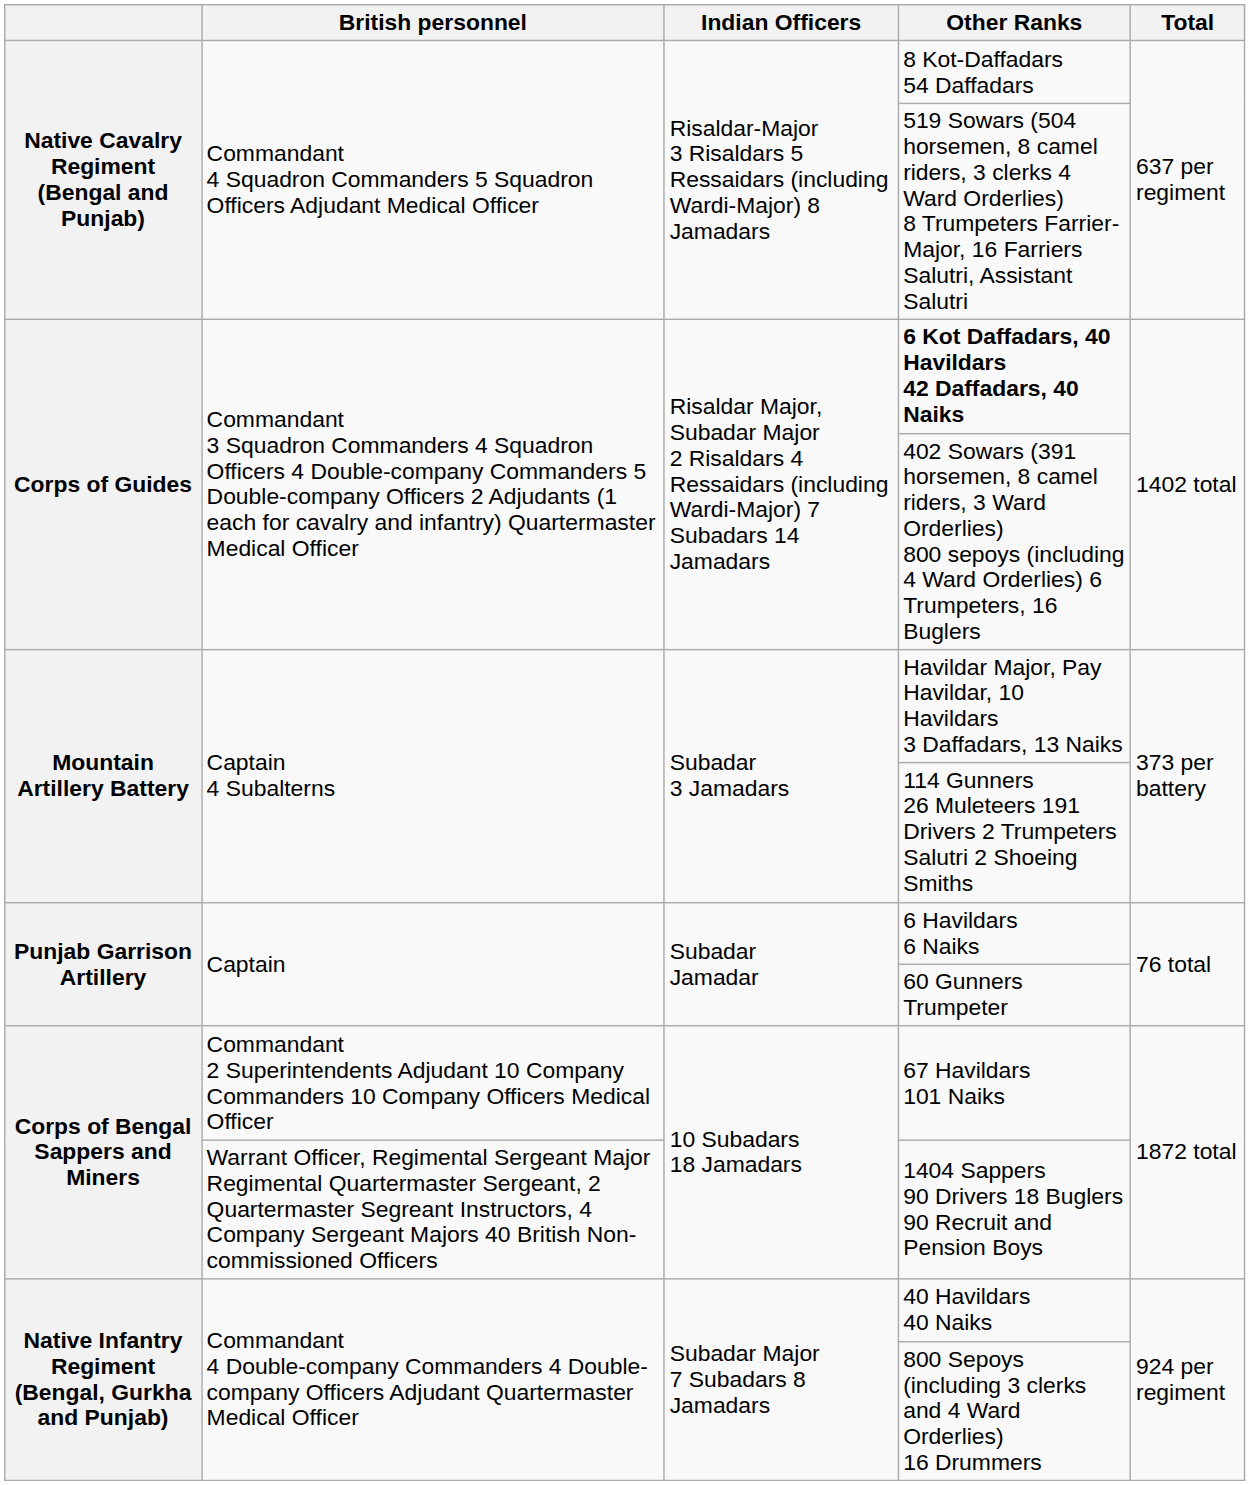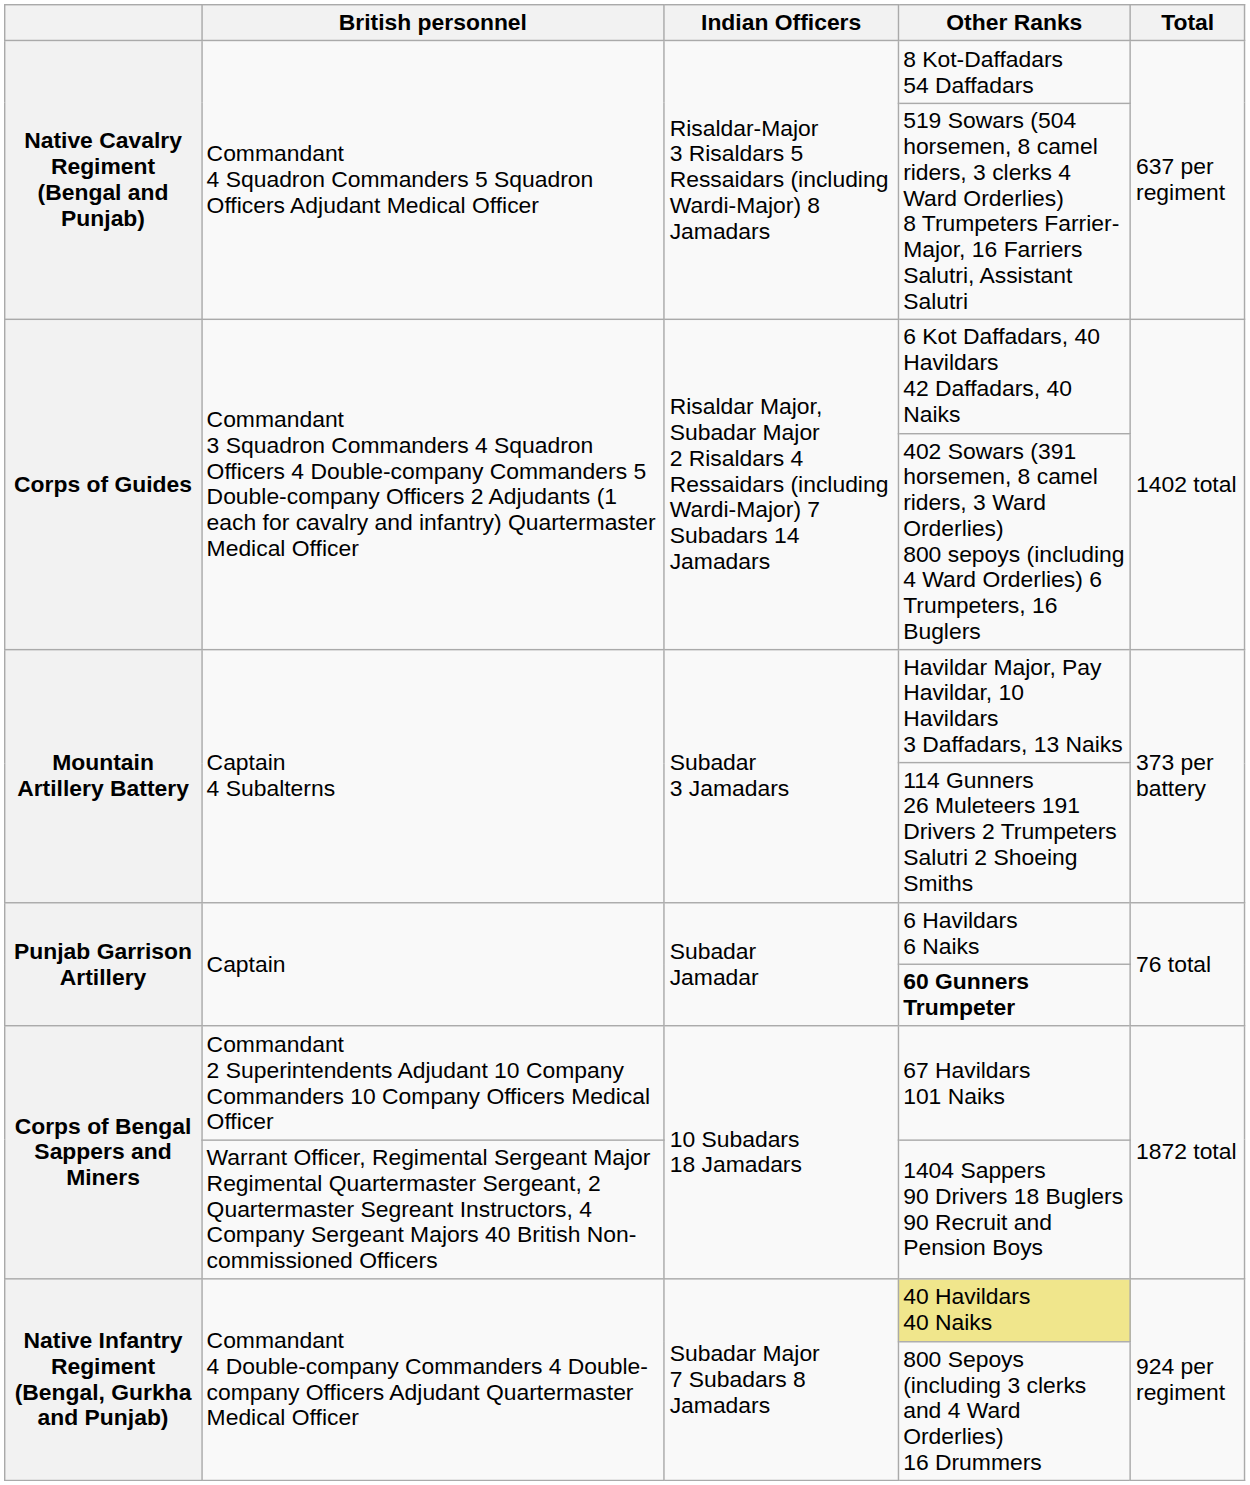 <table class="wikitable">
 <tr>
 <th></th>
 <th>British personnel</th>
 <th>Indian Officers</th>
 <th>Other Ranks</th>
 <th>Total</th>
 </tr>
 <tr>
 <th rowspan="2">Native Cavalry Regiment (Bengal and Punjab)</th>
 <td rowspan="2">Commandant<br>4 Squadron Commanders 5 Squadron Officers Adjudant Medical Officer</td>
 <td rowspan="2">Risaldar-Major<br>3 Risaldars 5 Ressaidars (including Wardi-Major) 8 Jamadars</td>
 <td>8 Kot-Daffadars<br>54 Daffadars</td>
 <td rowspan="2">637 per regiment</td>
 </tr>
 <tr>
 <td>519 Sowars (504 horsemen, 8 camel riders, 3 clerks 4 Ward Orderlies)<br>8 Trumpeters Farrier-Major, 16 Farriers Salutri, Assistant Salutri</td>
 </tr>
 <tr>
 <th rowspan="2">Corps of Guides</th>
 <td rowspan="2">Commandant<br>3 Squadron Commanders 4 Squadron Officers 4 Double-company Commanders 5 Double-company Officers 2 Adjudants (1 each for cavalry and infantry) Quartermaster Medical Officer</td>
 <td rowspan="2">Risaldar Major, Subadar Major<br>2 Risaldars 4 Ressaidars (including Wardi-Major) 7 Subadars 14 Jamadars</td>
-<td><strong>6 Kot Daffadars, 40 Havildars<br>42 Daffadars, 40 Naiks</strong></td>
+<td>6 Kot Daffadars, 40 Havildars<br>42 Daffadars, 40 Naiks</td>
 <td rowspan="2">1402 total</td>
 </tr>
 <tr>
 <td>402 Sowars (391 horsemen, 8 camel riders, 3 Ward Orderlies)<br>800 sepoys (including 4 Ward Orderlies) 6 Trumpeters, 16 Buglers</td>
 </tr>
 <tr>
 <th rowspan="2">Mountain Artillery Battery</th>
 <td rowspan="2">Captain<br>4 Subalterns</td>
 <td rowspan="2">Subadar<br>3 Jamadars</td>
 <td>Havildar Major, Pay Havildar, 10 Havildars<br>3 Daffadars, 13 Naiks</td>
 <td rowspan="2">373 per battery</td>
 </tr>
 <tr>
 <td>114 Gunners<br>26 Muleteers 191 Drivers 2 Trumpeters Salutri 2 Shoeing Smiths</td>
 </tr>
 <tr>
 <th rowspan="2">Punjab Garrison Artillery</th>
 <td rowspan="2">Captain</td>
 <td rowspan="2">Subadar<br>Jamadar</td>
 <td>6 Havildars<br>6 Naiks</td>
 <td rowspan="2">76 total</td>
 </tr>
 <tr>
-<td>60 Gunners<br>Trumpeter</td>
+<td><strong>60 Gunners<br>Trumpeter</strong></td>
 </tr>
 <tr>
 <th rowspan="2">Corps of Bengal Sappers and Miners</th>
 <td>Commandant<br>2 Superintendents Adjudant 10 Company Commanders 10 Company Officers Medical Officer</td>
 <td rowspan="2">10 Subadars<br>18 Jamadars</td>
 <td>67 Havildars<br>101 Naiks</td>
 <td rowspan="2">1872 total</td>
 </tr>
 <tr>
 <td>Warrant Officer, Regimental Sergeant Major<br>Regimental Quartermaster Sergeant, 2 Quartermaster Segreant Instructors, 4 Company Sergeant Majors 40 British Non-commissioned Officers</td>
 <td>1404 Sappers<br>90 Drivers 18 Buglers 90 Recruit and Pension Boys</td>
 </tr>
 <tr>
 <th rowspan="2">Native Infantry Regiment (Bengal, Gurkha and Punjab)</th>
 <td rowspan="2">Commandant<br>4 Double-company Commanders 4 Double-company Officers Adjudant Quartermaster Medical Officer</td>
 <td rowspan="2">Subadar Major<br>7 Subadars 8 Jamadars</td>
-<td>40 Havildars<br>40 Naiks</td>
+<td style="background: khaki;">40 Havildars<br>40 Naiks</td>
 <td rowspan="2">924 per regiment</td>
 </tr>
 <tr>
 <td>800 Sepoys (including 3 clerks and 4 Ward Orderlies)<br>16 Drummers</td>
 </tr>
 </table>
